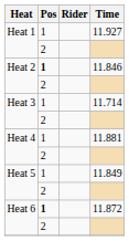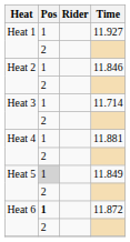 <table class="wikitable" style="font-size:95%;" style="text-align:center;">
 <tr>
 <th>Heat</th>
 <th>Pos</th>
 <th>Rider</th>
 <th>Time</th>
 </tr>
 <tr>
 <td rowspan=2 valign="top">Heat 1</td>
 <td>1</td>
 <td align=left></td>
 <td>11.927</td>
 </tr>
 <tr>
 <td>2</td>
 <td align=left></td>
 <td bgcolor=wheat></td>
 </tr>
 <tr>
 <td rowspan=2 valign="top">Heat 2</td>
-<td><strong>1</strong></td>
+<td>1</td>
 <td align=left></td>
 <td>11.846</td>
 </tr>
 <tr>
 <td>2</td>
 <td align=left></td>
 <td bgcolor=wheat></td>
 </tr>
 <tr>
 <td rowspan=2 valign="top">Heat 3</td>
 <td>1</td>
 <td align=left></td>
 <td>11.714</td>
 </tr>
 <tr>
 <td>2</td>
 <td align=left></td>
 <td bgcolor=wheat></td>
 </tr>
 <tr>
 <td rowspan=2 valign="top">Heat 4</td>
 <td>1</td>
 <td align=left></td>
 <td>11.881</td>
 </tr>
 <tr>
 <td>2</td>
 <td align=left></td>
 <td bgcolor=wheat></td>
 </tr>
 <tr>
 <td rowspan=2 valign="top">Heat 5</td>
-<td>1</td>
+<td style="background: lightgrey;">1</td>
 <td align=left></td>
 <td>11.849</td>
 </tr>
 <tr>
 <td>2</td>
 <td align=left></td>
 <td bgcolor=wheat></td>
 </tr>
 <tr>
 <td rowspan=2 valign="top">Heat 6</td>
 <td><strong>1</strong></td>
 <td align=left></td>
 <td>11.872</td>
 </tr>
 <tr>
 <td>2</td>
 <td align=left></td>
 <td bgcolor=wheat></td>
 </tr>
 <tr>
 </tr>
 </table>
